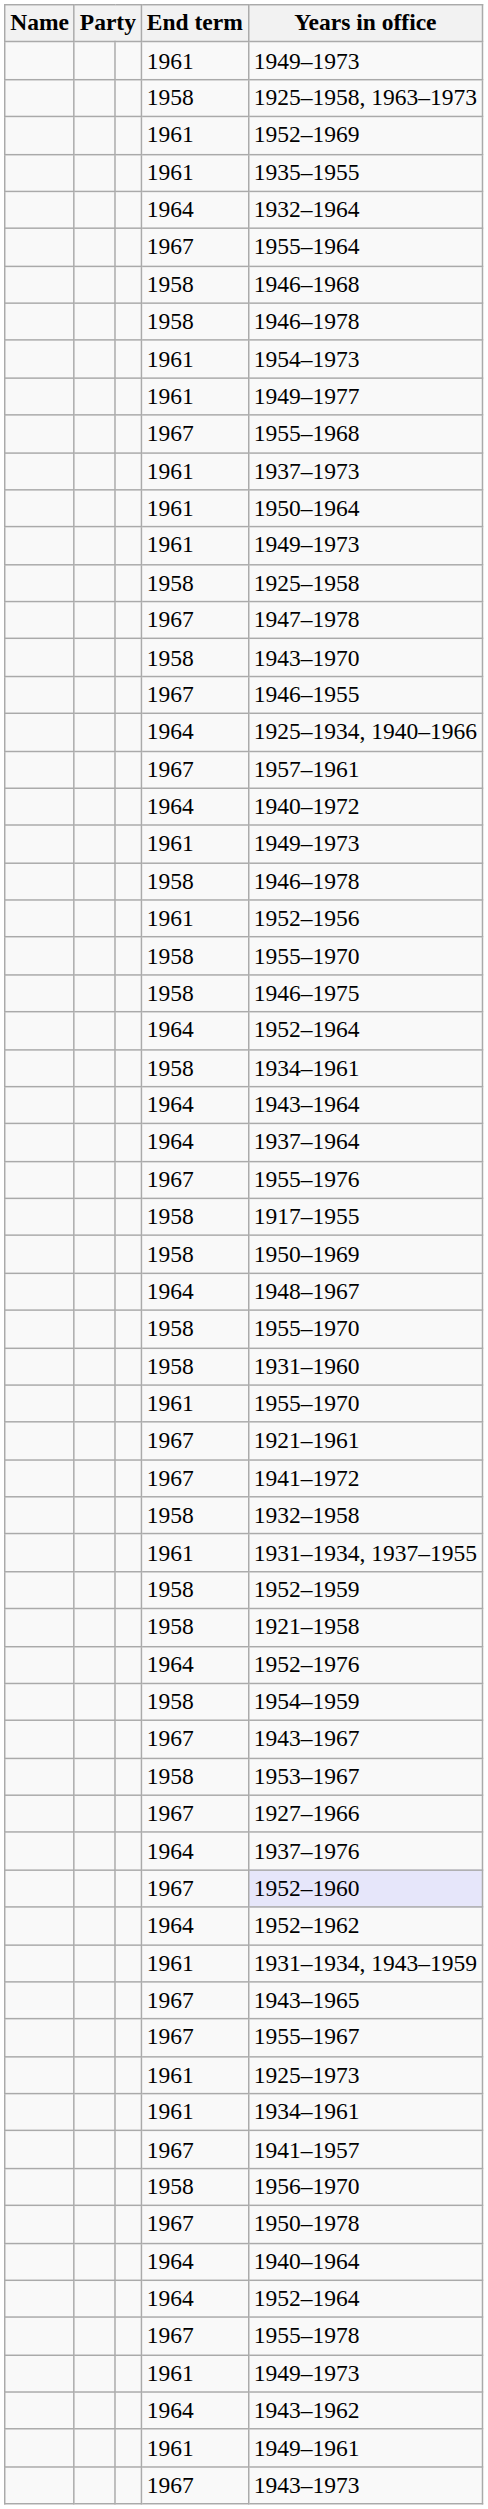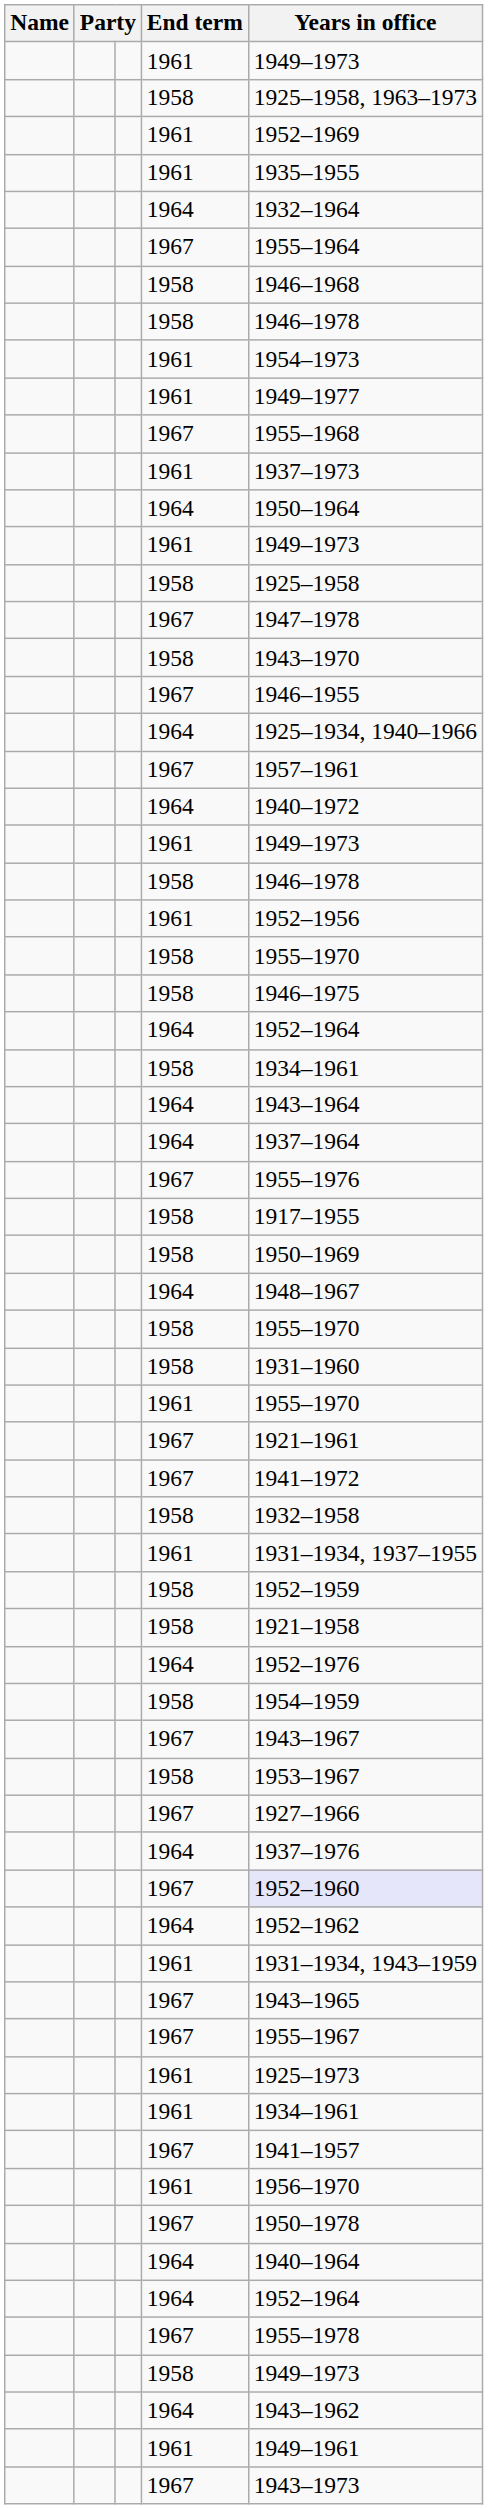 <table class="wikitable sortable">
 <tr>
 <th>Name</th>
 <th colspan=2>Party</th>
 <th>End term</th>
 <th>Years in office</th>
 </tr>
 <tr>
 <td></td>
 <td> </td>
 <td></td>
 <td>1961</td>
 <td>1949–1973</td>
 </tr>
 <tr>
 <td></td>
 <td> </td>
 <td></td>
 <td>1958</td>
 <td>1925–1958, 1963–1973</td>
 </tr>
 <tr>
 <td></td>
 <td> </td>
 <td></td>
 <td>1961</td>
 <td>1952–1969</td>
 </tr>
 <tr>
 <td></td>
 <td> </td>
 <td></td>
 <td>1961</td>
 <td>1935–1955</td>
 </tr>
 <tr>
 <td></td>
 <td> </td>
 <td></td>
 <td>1964</td>
 <td>1932–1964</td>
 </tr>
 <tr>
 <td></td>
 <td> </td>
 <td></td>
 <td>1967</td>
 <td>1955–1964</td>
 </tr>
 <tr>
 <td></td>
 <td> </td>
 <td></td>
 <td>1958</td>
 <td>1946–1968</td>
 </tr>
 <tr>
 <td></td>
 <td> </td>
 <td></td>
 <td>1958</td>
 <td>1946–1978</td>
 </tr>
 <tr>
 <td></td>
 <td> </td>
 <td></td>
 <td>1961</td>
 <td>1954–1973</td>
 </tr>
 <tr>
 <td></td>
 <td> </td>
 <td></td>
 <td>1961</td>
 <td>1949–1977</td>
 </tr>
 <tr>
 <td></td>
 <td> </td>
 <td></td>
 <td>1967</td>
 <td>1955–1968</td>
 </tr>
 <tr>
 <td></td>
 <td> </td>
 <td></td>
 <td>1961</td>
 <td>1937–1973</td>
 </tr>
 <tr>
 <td></td>
 <td> </td>
 <td></td>
-<td>1961</td>
+<td>1964</td>
 <td>1950–1964</td>
 </tr>
 <tr>
 <td></td>
 <td> </td>
 <td></td>
 <td>1961</td>
 <td>1949–1973</td>
 </tr>
 <tr>
 <td></td>
 <td> </td>
 <td></td>
 <td>1958</td>
 <td>1925–1958</td>
 </tr>
 <tr>
 <td></td>
 <td> </td>
 <td></td>
 <td>1967</td>
 <td>1947–1978</td>
 </tr>
 <tr>
 <td></td>
 <td> </td>
 <td></td>
 <td>1958</td>
 <td>1943–1970</td>
 </tr>
 <tr>
 <td></td>
 <td> </td>
 <td></td>
 <td>1967</td>
 <td>1946–1955</td>
 </tr>
 <tr>
 <td></td>
 <td> </td>
 <td></td>
 <td>1964</td>
 <td>1925–1934, 1940–1966</td>
 </tr>
 <tr>
 <td></td>
 <td> </td>
 <td></td>
 <td>1967</td>
 <td>1957–1961</td>
 </tr>
 <tr>
 <td></td>
 <td> </td>
 <td></td>
 <td>1964</td>
 <td>1940–1972</td>
 </tr>
 <tr>
 <td></td>
 <td> </td>
 <td></td>
 <td>1961</td>
 <td>1949–1973</td>
 </tr>
 <tr>
 <td></td>
 <td> </td>
 <td></td>
 <td>1958</td>
 <td>1946–1978</td>
 </tr>
 <tr>
 <td></td>
 <td> </td>
 <td></td>
 <td>1961</td>
 <td>1952–1956</td>
 </tr>
 <tr>
 <td></td>
 <td> </td>
 <td></td>
 <td>1958</td>
 <td>1955–1970</td>
 </tr>
 <tr>
 <td></td>
 <td> </td>
 <td></td>
 <td>1958</td>
 <td>1946–1975</td>
 </tr>
 <tr>
 <td></td>
 <td> </td>
 <td></td>
 <td>1964</td>
 <td>1952–1964</td>
 </tr>
 <tr>
 <td></td>
 <td> </td>
 <td></td>
 <td>1958</td>
 <td>1934–1961</td>
 </tr>
 <tr>
 <td></td>
 <td> </td>
 <td></td>
 <td>1964</td>
 <td>1943–1964</td>
 </tr>
 <tr>
 <td></td>
 <td> </td>
 <td></td>
 <td>1964</td>
 <td>1937–1964</td>
 </tr>
 <tr>
 <td></td>
 <td> </td>
 <td></td>
 <td>1967</td>
 <td>1955–1976</td>
 </tr>
 <tr>
 <td></td>
 <td> </td>
 <td></td>
 <td>1958</td>
 <td>1917–1955</td>
 </tr>
 <tr>
 <td></td>
 <td> </td>
 <td></td>
 <td>1958</td>
 <td>1950–1969</td>
 </tr>
 <tr>
 <td></td>
 <td> </td>
 <td></td>
 <td>1964</td>
 <td>1948–1967</td>
 </tr>
 <tr>
 <td></td>
 <td> </td>
 <td></td>
 <td>1958</td>
 <td>1955–1970</td>
 </tr>
 <tr>
 <td></td>
 <td> </td>
 <td></td>
 <td>1958</td>
 <td>1931–1960</td>
 </tr>
 <tr>
 <td></td>
 <td> </td>
 <td></td>
 <td>1961</td>
 <td>1955–1970</td>
 </tr>
 <tr>
 <td></td>
 <td> </td>
 <td></td>
 <td>1967</td>
 <td>1921–1961</td>
 </tr>
 <tr>
 <td></td>
 <td> </td>
 <td></td>
 <td>1967</td>
 <td>1941–1972</td>
 </tr>
 <tr>
 <td></td>
 <td> </td>
 <td></td>
 <td>1958</td>
 <td>1932–1958</td>
 </tr>
 <tr>
 <td></td>
 <td> </td>
 <td></td>
 <td>1961</td>
 <td>1931–1934, 1937–1955</td>
 </tr>
 <tr>
 <td></td>
 <td> </td>
 <td></td>
 <td>1958</td>
 <td>1952–1959</td>
 </tr>
 <tr>
 <td></td>
 <td> </td>
 <td></td>
 <td>1958</td>
 <td>1921–1958</td>
 </tr>
 <tr>
 <td></td>
 <td> </td>
 <td></td>
 <td>1964</td>
 <td>1952–1976</td>
 </tr>
 <tr>
 <td></td>
 <td> </td>
 <td></td>
 <td>1958</td>
 <td>1954–1959</td>
 </tr>
 <tr>
 <td></td>
 <td> </td>
 <td></td>
 <td>1967</td>
 <td>1943–1967</td>
 </tr>
 <tr>
 <td></td>
 <td> </td>
 <td></td>
 <td>1958</td>
 <td>1953–1967</td>
 </tr>
 <tr>
 <td></td>
 <td> </td>
 <td></td>
 <td>1967</td>
 <td>1927–1966</td>
 </tr>
 <tr>
 <td></td>
 <td> </td>
 <td></td>
 <td>1964</td>
 <td>1937–1976</td>
 </tr>
 <tr>
 <td></td>
 <td> </td>
 <td></td>
 <td>1967</td>
 <td style="background: lavender;">1952–1960</td>
 </tr>
 <tr>
 <td></td>
 <td> </td>
 <td></td>
 <td>1964</td>
 <td>1952–1962</td>
 </tr>
 <tr>
 <td></td>
 <td> </td>
 <td></td>
 <td>1961</td>
 <td>1931–1934, 1943–1959</td>
 </tr>
 <tr>
 <td></td>
 <td> </td>
 <td></td>
 <td>1967</td>
 <td>1943–1965</td>
 </tr>
 <tr>
 <td></td>
 <td> </td>
 <td></td>
 <td>1967</td>
 <td>1955–1967</td>
 </tr>
 <tr>
 <td></td>
 <td> </td>
 <td></td>
 <td>1961</td>
 <td>1925–1973</td>
 </tr>
 <tr>
 <td></td>
 <td> </td>
 <td></td>
 <td>1961</td>
 <td>1934–1961</td>
 </tr>
 <tr>
 <td></td>
 <td> </td>
 <td></td>
 <td>1967</td>
 <td>1941–1957</td>
 </tr>
 <tr>
 <td></td>
 <td> </td>
 <td></td>
-<td>1958</td>
+<td>1961</td>
 <td>1956–1970</td>
 </tr>
 <tr>
 <td></td>
 <td> </td>
 <td></td>
 <td>1967</td>
 <td>1950–1978</td>
 </tr>
 <tr>
 <td></td>
 <td> </td>
 <td></td>
 <td>1964</td>
 <td>1940–1964</td>
 </tr>
 <tr>
 <td></td>
 <td> </td>
 <td></td>
 <td>1964</td>
 <td>1952–1964</td>
 </tr>
 <tr>
 <td></td>
 <td> </td>
 <td></td>
 <td>1967</td>
 <td>1955–1978</td>
 </tr>
 <tr>
 <td></td>
 <td> </td>
 <td></td>
-<td>1961</td>
+<td>1958</td>
 <td>1949–1973</td>
 </tr>
 <tr>
 <td></td>
 <td> </td>
 <td></td>
 <td>1964</td>
 <td>1943–1962</td>
 </tr>
 <tr>
 <td></td>
 <td> </td>
 <td></td>
 <td>1961</td>
 <td>1949–1961</td>
 </tr>
 <tr>
 <td></td>
 <td> </td>
 <td></td>
 <td>1967</td>
 <td>1943–1973</td>
 </tr>
 </table>
